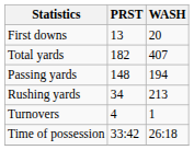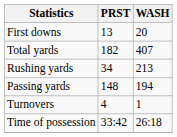 <table class="wikitable">
 <tr>
 <th>Statistics</th>
 <th>PRST</th>
 <th>WASH</th>
 </tr>
 <tr>
 <td>First downs</td>
 <td>13</td>
 <td>20</td>
 </tr>
 <tr>
 <td>Total yards</td>
 <td>182</td>
 <td>407</td>
 </tr>
 <tr>
+<td>Rushing yards</td>
+<td>34</td>
+<td>213</td>
+</tr>
+<tr>
 <td>Passing yards</td>
 <td>148</td>
 <td>194</td>
-</tr>
-<tr>
-<td>Rushing yards</td>
-<td>34</td>
-<td>213</td>
 </tr>
 <tr>
 <td>Turnovers</td>
 <td>4</td>
 <td>1</td>
 </tr>
 <tr>
 <td>Time of possession</td>
 <td>33:42</td>
 <td>26:18</td>
 </tr>
 <tr>
 </tr>
 </table>
